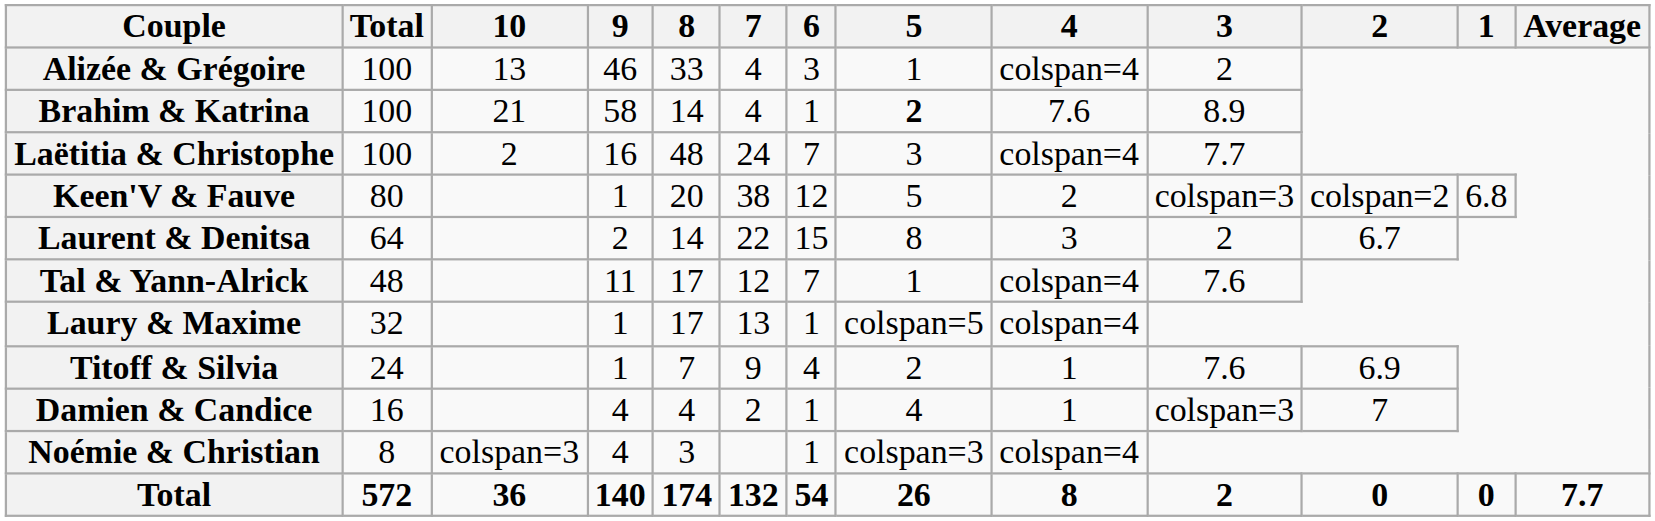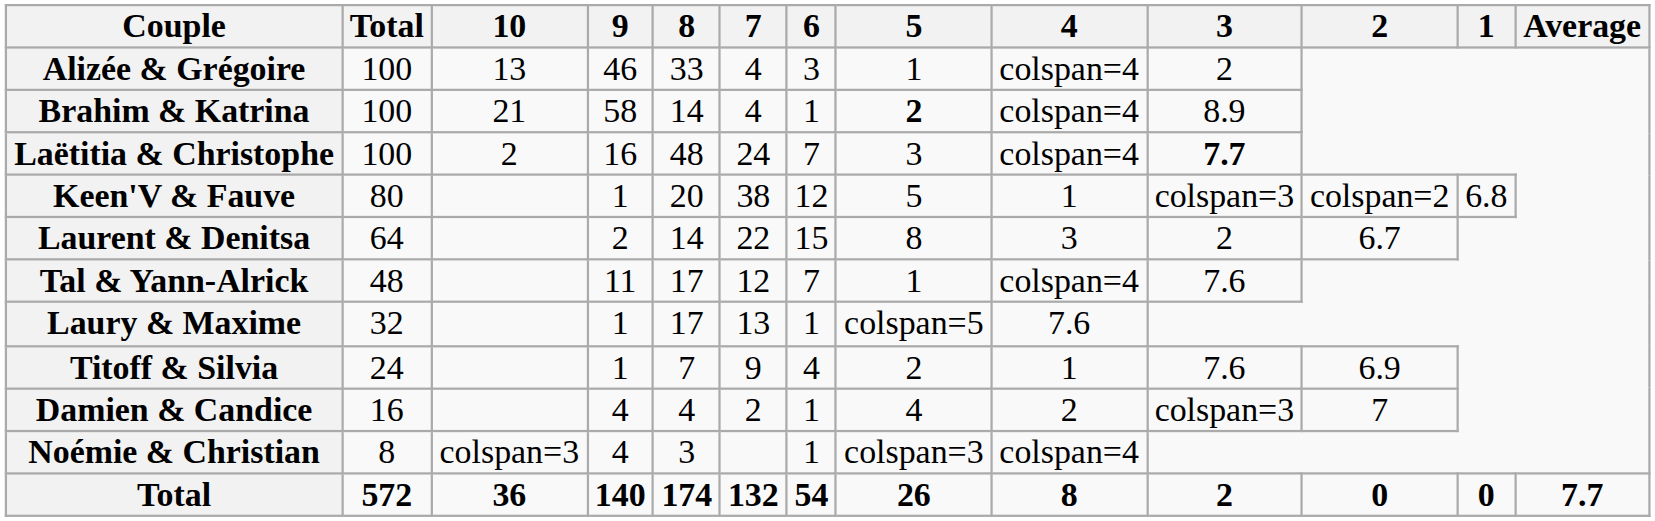 <table class="wikitable sortable collapsible" style="margin:auto; font-size:95%; line-height:12px; text-align:center">
 <tr>
 <th>Couple</th>
 <th>Total</th>
 <th>10</th>
 <th>9</th>
 <th>8</th>
 <th>7</th>
 <th>6</th>
 <th>5</th>
 <th>4</th>
 <th>3</th>
 <th>2</th>
 <th>1</th>
 <th>Average</th>
 </tr>
 <tr>
 <th>Alizée & Grégoire</th>
 <td>100</td>
 <td>13</td>
 <td>46</td>
 <td>33</td>
 <td>4</td>
 <td>3</td>
 <td>1</td>
 <td>colspan=4 </td>
 <td>2</td>
 </tr>
 <tr>
 <th>Brahim & Katrina</th>
 <td>100</td>
 <td>21</td>
 <td>58</td>
 <td>14</td>
 <td>4</td>
 <td>1</td>
 <td><strong>2</strong></td>
-<td>7.6</td>
+<td>colspan=4 </td>
 <td>8.9</td>
 </tr>
 <tr>
 <th>Laëtitia & Christophe</th>
 <td>100</td>
 <td>2</td>
 <td>16</td>
 <td>48</td>
 <td>24</td>
 <td>7</td>
 <td>3</td>
 <td>colspan=4 </td>
-<td>7.7</td>
+<td><strong>7.7</strong></td>
 </tr>
 <tr>
 <th>Keen'V & Fauve</th>
 <td>80</td>
 <td></td>
 <td>1</td>
 <td>20</td>
 <td>38</td>
 <td>12</td>
 <td>5</td>
-<td>2</td>
+<td>1</td>
 <td>colspan=3 </td>
 <td>colspan=2 </td>
 <td>6.8</td>
 </tr>
 <tr>
 <th>Laurent & Denitsa</th>
 <td>64</td>
 <td></td>
 <td>2</td>
 <td>14</td>
 <td>22</td>
 <td>15</td>
 <td>8</td>
 <td>3</td>
 <td>2</td>
 <td>6.7</td>
 </tr>
 <tr>
 <th>Tal & Yann-Alrick</th>
 <td>48</td>
 <td></td>
 <td>11</td>
 <td>17</td>
 <td>12</td>
 <td>7</td>
 <td>1</td>
 <td>colspan=4 </td>
 <td>7.6</td>
 </tr>
 <tr>
 <th>Laury & Maxime</th>
 <td>32</td>
 <td></td>
 <td>1</td>
 <td>17</td>
 <td>13</td>
 <td>1</td>
 <td>colspan=5 </td>
-<td>colspan=4 </td>
+<td>7.6</td>
 </tr>
 <tr>
 <th>Titoff & Silvia</th>
 <td>24</td>
 <td></td>
 <td>1</td>
 <td>7</td>
 <td>9</td>
 <td>4</td>
 <td>2</td>
 <td>1</td>
 <td>7.6</td>
 <td>6.9</td>
 </tr>
 <tr>
 <th>Damien & Candice</th>
 <td>16</td>
 <td></td>
 <td>4</td>
 <td>4</td>
 <td>2</td>
 <td>1</td>
 <td>4</td>
-<td>1</td>
+<td>2</td>
 <td>colspan=3 </td>
 <td>7</td>
 </tr>
 <tr>
 <th>Noémie & Christian</th>
 <td>8</td>
 <td>colspan=3 </td>
 <td>4</td>
 <td>3</td>
 <td></td>
 <td>1</td>
 <td>colspan=3 </td>
 <td>colspan=4 </td>
 </tr>
 <tr>
 <th>Total</th>
 <td><strong>572</strong></td>
 <td><strong>36</strong></td>
 <td><strong>140</strong></td>
 <td><strong>174</strong></td>
 <td><strong>132</strong></td>
 <td><strong>54</strong></td>
 <td><strong>26</strong></td>
 <td><strong>8</strong></td>
 <td><strong>2</strong></td>
 <td><strong>0</strong></td>
 <td><strong>0</strong></td>
 <td><strong>7.7</strong></td>
 </tr>
 </table>
